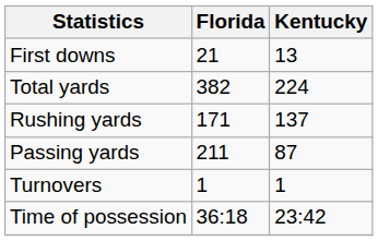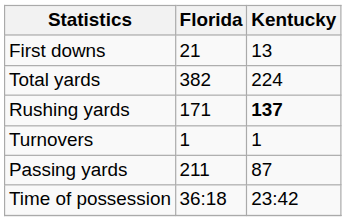 <table class="wikitable" style="float: left;">
 <tr>
 <th>Statistics</th>
 <th>Florida</th>
 <th>Kentucky</th>
 </tr>
 <tr>
 <td>First downs</td>
 <td>21</td>
 <td>13</td>
 </tr>
 <tr>
 <td>Total yards</td>
 <td>382</td>
 <td>224</td>
 </tr>
 <tr>
 <td>Rushing yards</td>
 <td>171</td>
-<td>137</td>
+<td><strong>137</strong></td>
+</tr>
+<tr>
+<td>Turnovers</td>
+<td>1</td>
+<td>1</td>
 </tr>
 <tr>
 <td>Passing yards</td>
 <td>211</td>
 <td>87</td>
-</tr>
-<tr>
-<td>Turnovers</td>
-<td>1</td>
-<td>1</td>
 </tr>
 <tr>
 <td>Time of possession</td>
 <td>36:18</td>
 <td>23:42</td>
 </tr>
 <tr>
 </tr>
 </table>
